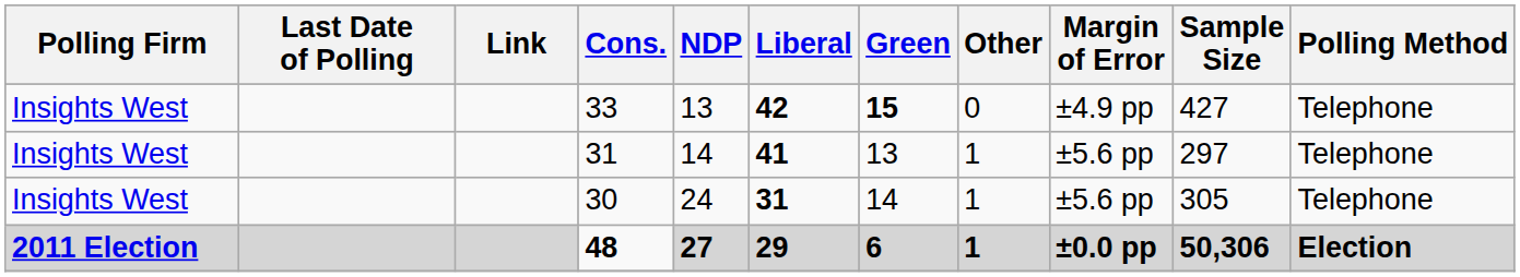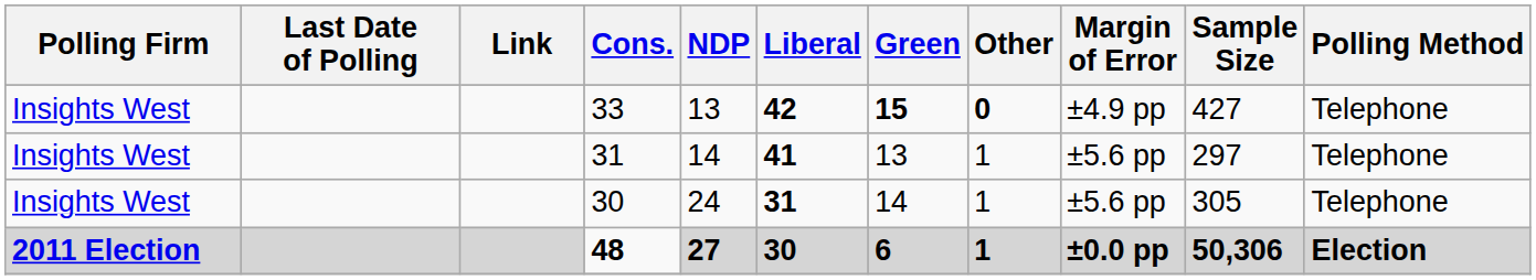 <table class="wikitable sortable">
 <tr style="background:#e9e9e9;">
 <th style="width:120px">Polling Firm</th>
 <th style="width:110px">Last Date<br>of Polling</th>
 <th style="width:60px" class="unsortable">Link</th>
 <th style="background-color:"><strong><a href='#'>Cons.</a></strong></th>
 <th style="background-color:"><strong><a href='#'>NDP</a></strong></th>
 <th style="background-color:"><strong><a href='#'>Liberal</a></strong></th>
 <th style="background-color:"><strong><a href='#'>Green</a></strong></th>
 <th style="background-color:"><strong>Other</strong></th>
 <th style="width:60px;" class=unsortable>Margin<br>of Error</th>
 <th style="width:50px;" class=unsortable>Sample<br>Size</th>
 <th class=unsortable>Polling Method</th>
 </tr>
 <tr>
 <td><a href='#'>Insights West</a></td>
 <td></td>
 <td></td>
 <td>33</td>
 <td>13</td>
 <td><strong>42</strong></td>
 <td><strong>15</strong></td>
-<td>0</td>
+<td><strong>0</strong></td>
 <td>±4.9 pp</td>
 <td>427</td>
 <td>Telephone</td>
 </tr>
 <tr>
 <td><a href='#'>Insights West</a></td>
 <td></td>
 <td></td>
 <td>31</td>
 <td>14</td>
 <td><strong>41</strong></td>
 <td>13</td>
 <td>1</td>
 <td>±5.6 pp</td>
 <td>297</td>
 <td>Telephone</td>
 </tr>
 <tr>
 <td><a href='#'>Insights West</a></td>
 <td></td>
 <td></td>
 <td>30</td>
 <td>24</td>
 <td><strong>31</strong></td>
 <td>14</td>
 <td>1</td>
 <td>±5.6 pp</td>
 <td>305</td>
 <td>Telephone</td>
 </tr>
 <tr>
 <td style="background:#D5D5D5"><strong><a href='#'>2011 Election</a></strong></td>
 <td style="background:#D5D5D5"><strong></strong></td>
 <td style="background:#D5D5D5"></td>
 <td><strong>48</strong></td>
 <td style="background:#D5D5D5"><strong>27</strong></td>
-<td style="background:#D5D5D5"><strong>29</strong></td>
+<td style="background:#D5D5D5"><strong>30</strong></td>
 <td style="background:#D5D5D5"><strong>6</strong></td>
 <td style="background:#D5D5D5"><strong>1</strong></td>
 <td style="background:#D5D5D5"><strong>±0.0 pp</strong></td>
 <td style="background:#D5D5D5"><strong>50,306</strong></td>
 <td style="background:#D5D5D5"><strong>Election</strong></td>
 </tr>
 <tr>
 </tr>
 <tr>
 </tr>
 </table>
